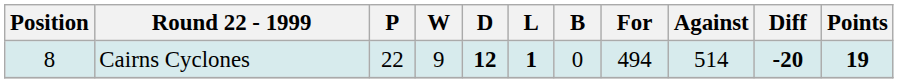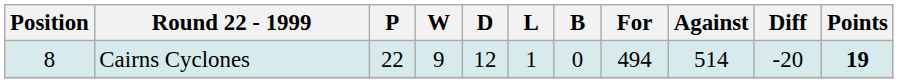 <table class="wikitable" style="text-align:center;">
 <tr style="background: #ffffff;">
 <th width=40 abbr="Position">Position</th>
 <th width=185>Round 22 - 1999</th>
 <th width=25 abbr="Played">P</th>
 <th width=25 abbr="Won">W</th>
 <th width=25 abbr="Drawn">D</th>
 <th width=25 abbr="Lost">L</th>
 <th width=25 abbr="Bye">B</th>
 <th width=40 abbr="Points for">For</th>
 <th width=40 abbr="Points against">Against</th>
 <th width=40 abbr="Points difference">Diff</th>
 <th width=40 abbr="Points">Points</th>
 </tr>
 <tr style="background: #d7ebed;">
 <td>8</td>
 <td style="text-align:left;"> Cairns Cyclones</td>
 <td>22</td>
 <td>9</td>
-<td><strong>12</strong></td>
-<td><strong>1</strong></td>
+<td>12</td>
+<td>1</td>
 <td>0</td>
 <td>494</td>
 <td>514</td>
-<td><strong>-20</strong></td>
+<td>-20</td>
 <td><strong>19</strong></td>
 </tr>
 <tr>
 </tr>
 </table>
